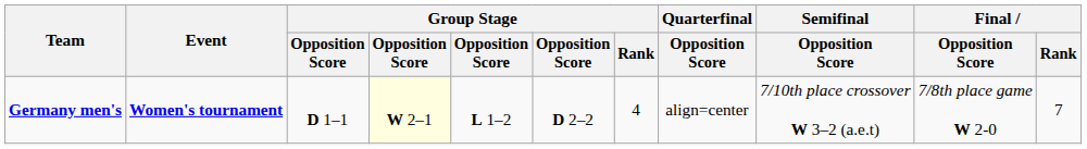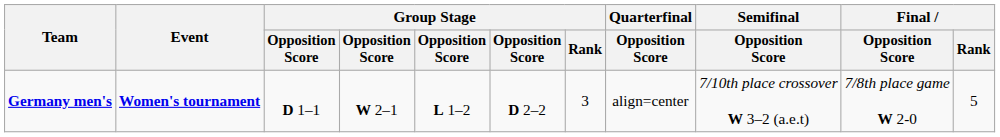 <table class="wikitable" style="font-size:90%">
 <tr>
 <th rowspan=2>Team</th>
 <th rowspan=2>Event</th>
 <th colspan=5>Group Stage</th>
 <th>Quarterfinal</th>
 <th>Semifinal</th>
 <th colspan=2>Final / </th>
 </tr>
 <tr style="font-size:95%">
 <th>Opposition<br>Score</th>
 <th>Opposition<br>Score</th>
 <th>Opposition<br>Score</th>
 <th>Opposition<br>Score</th>
 <th>Rank</th>
 <th>Opposition<br>Score</th>
 <th>Opposition<br>Score</th>
 <th>Opposition<br>Score</th>
 <th>Rank</th>
 </tr>
 <tr align=center>
 <td align=left><strong><a href='#'>Germany men's</a></strong></td>
 <td align=left><strong><a href='#'>Women's tournament</a></strong></td>
 <td align=center><br><strong>D</strong> 1–1</td>
-<td align=center style="background: lightyellow;"><br><strong>W</strong> 2–1</td>
+<td align=center><br><strong>W</strong> 2–1</td>
 <td align=center><br><strong>L</strong> 1–2</td>
 <td align=center><br><strong>D</strong> 2–2</td>
-<td align=center>4</td>
+<td align=center>3</td>
 <td>align=center </td>
 <td align=center><em>7/10th place crossover</em><br> <br><strong>W</strong> 3–2 (a.e.t)</td>
 <td align=center><em>7/8th place game</em><br><br><strong>W</strong> 2-0</td>
-<td align=center>7</td>
+<td align=center>5</td>
 </tr>
 </table>
